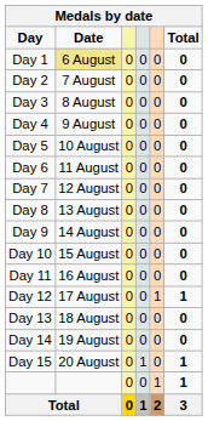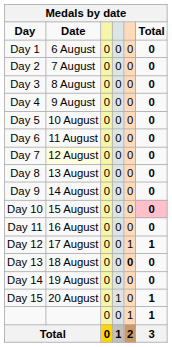 <table class=wikitable style="font-size:85%">
 <tr bgcolor=efefef>
 <th colspan=6><strong>Medals by date</strong></th>
 </tr>
 <tr align=center>
 <td><strong>Day</strong></td>
 <td><strong>Date</strong></td>
 <td bgcolor=#f7f6a8></td>
 <td bgcolor=#dce5e5></td>
 <td bgcolor=#ffdab9></td>
 <td><strong>Total</strong></td>
 </tr>
 <tr align=center>
 <td>Day 1</td>
-<td style="background: khaki;">6 August</td>
+<td>6 August</td>
 <td bgcolor=F7F6A8>0</td>
 <td bgcolor=DCE5E5>0</td>
 <td bgcolor=FFDAB9>0</td>
 <td><strong>0</strong></td>
 </tr>
 <tr align=center>
 <td>Day 2</td>
 <td>7 August</td>
 <td bgcolor=F7F6A8>0</td>
 <td bgcolor=DCE5E5>0</td>
 <td bgcolor=FFDAB9>0</td>
 <td><strong>0</strong></td>
 </tr>
 <tr align=center>
 <td>Day 3</td>
 <td>8 August</td>
 <td bgcolor=F7F6A8>0</td>
 <td bgcolor=DCE5E5>0</td>
 <td bgcolor=FFDAB9>0</td>
 <td><strong>0</strong></td>
 </tr>
 <tr align=center>
 <td>Day 4</td>
 <td>9 August</td>
 <td bgcolor=F7F6A8>0</td>
 <td bgcolor=DCE5E5>0</td>
 <td bgcolor=FFDAB9>0</td>
 <td><strong>0</strong></td>
 </tr>
 <tr align=center>
 <td>Day 5</td>
 <td>10 August</td>
 <td bgcolor=F7F6A8>0</td>
 <td bgcolor=DCE5E5>0</td>
 <td bgcolor=FFDAB9>0</td>
 <td><strong>0</strong></td>
 </tr>
 <tr align=center>
 <td>Day 6</td>
 <td>11 August</td>
 <td bgcolor=F7F6A8>0</td>
 <td bgcolor=DCE5E5>0</td>
 <td bgcolor=FFDAB9>0</td>
 <td><strong>0</strong></td>
 </tr>
 <tr align=center>
 <td>Day 7</td>
-<td>12 August</td>
+<td style="background: lightyellow;">12 August</td>
 <td bgcolor=F7F6A8>0</td>
 <td bgcolor=DCE5E5>0</td>
 <td bgcolor=FFDAB9>0</td>
 <td><strong>0</strong></td>
 </tr>
 <tr align=center>
 <td>Day 8</td>
 <td>13 August</td>
 <td bgcolor=F7F6A8>0</td>
 <td bgcolor=DCE5E5>0</td>
 <td bgcolor=FFDAB9>0</td>
 <td><strong>0</strong></td>
 </tr>
 <tr align=center>
 <td>Day 9</td>
 <td>14 August</td>
 <td bgcolor=F7F6A8>0</td>
 <td bgcolor=DCE5E5>0</td>
 <td bgcolor=FFDAB9>0</td>
 <td><strong>0</strong></td>
 </tr>
 <tr align=center>
 <td>Day 10</td>
 <td>15 August</td>
 <td bgcolor=F7F6A8>0</td>
 <td bgcolor=DCE5E5>0</td>
 <td bgcolor=FFDAB9>0</td>
-<td><strong>0</strong></td>
+<td style="background: pink;"><strong>0</strong></td>
 </tr>
 <tr align=center>
 <td>Day 11</td>
 <td>16 August</td>
 <td bgcolor=F7F6A8>0</td>
 <td bgcolor=DCE5E5>0</td>
 <td bgcolor=FFDAB9>0</td>
 <td><strong>0</strong></td>
 </tr>
 <tr align=center>
 <td>Day 12</td>
 <td>17 August</td>
 <td bgcolor=F7F6A8>0</td>
 <td bgcolor=DCE5E5>0</td>
 <td bgcolor=FFDAB9>1</td>
 <td><strong>1</strong></td>
 </tr>
 <tr align=center>
 <td>Day 13</td>
 <td>18 August</td>
 <td bgcolor=F7F6A8>0</td>
 <td bgcolor=DCE5E5>0</td>
-<td bgcolor=FFDAB9>0</td>
+<td bgcolor=FFDAB9><strong>0</strong></td>
 <td><strong>0</strong></td>
 </tr>
 <tr align=center>
 <td>Day 14</td>
 <td>19 August</td>
 <td bgcolor=F7F6A8>0</td>
 <td bgcolor=DCE5E5>0</td>
 <td bgcolor=FFDAB9>0</td>
 <td><strong>0</strong></td>
 </tr>
 <tr align=center>
 <td>Day 15</td>
 <td>20 August</td>
 <td bgcolor=F7F6A8>0</td>
 <td bgcolor=DCE5E5>1</td>
 <td bgcolor=FFDAB9>0</td>
 <td><strong>1</strong></td>
 </tr>
 <tr align=center>
 <td></td>
 <td></td>
 <td bgcolor=F7F6A8>0</td>
 <td bgcolor=DCE5E5>0</td>
 <td bgcolor=FFDAB9>1</td>
 <td><strong>1</strong></td>
 </tr>
 <tr>
 <th colspan=2><strong>Total</strong></th>
 <th style="background:gold">0</th>
 <th style="background:silver">1</th>
 <th style="background:#c96">2</th>
 <th><strong>3</strong></th>
 </tr>
 </table>
